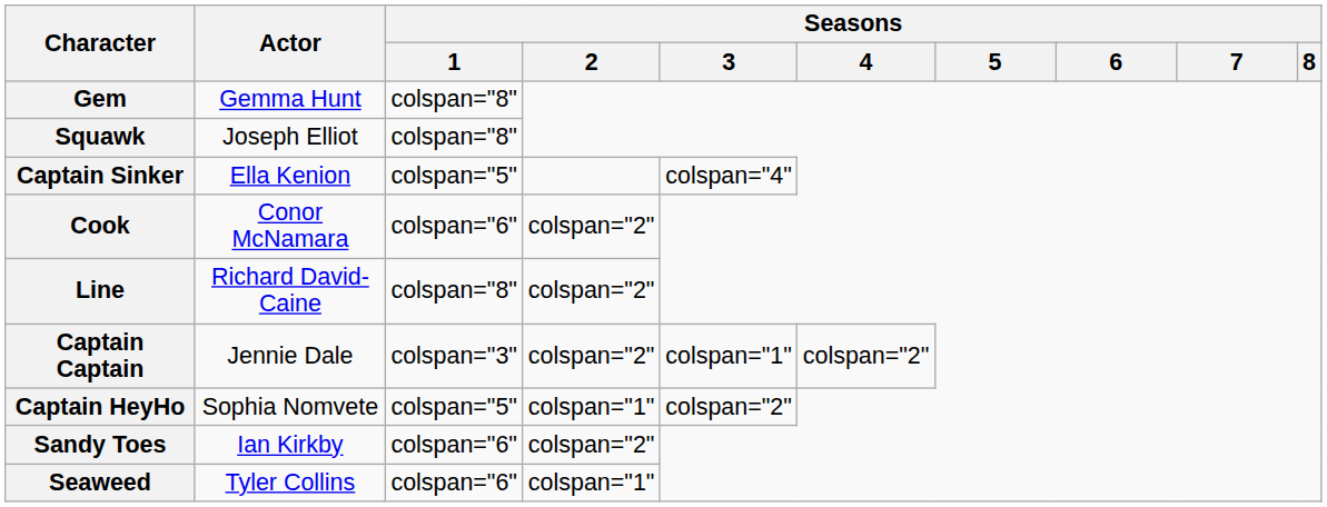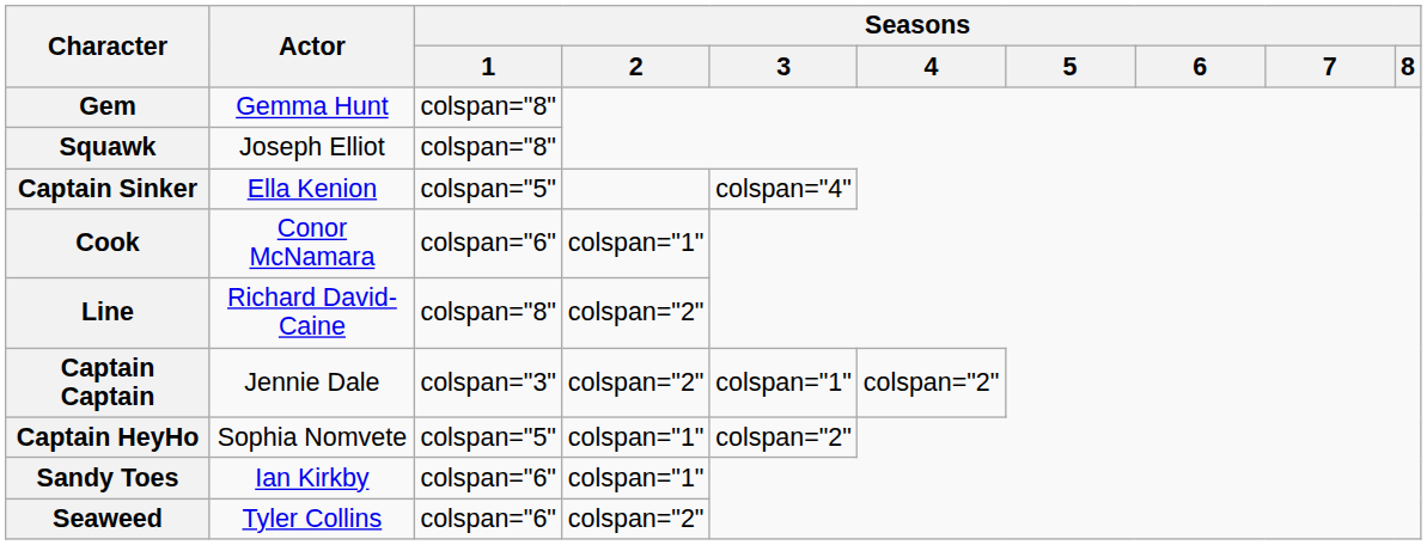 <table class="wikitable plainrowheaders" style="width: 100%; text-align: center">
 <tr>
 <th scope="col" rowspan="2" style="width: 15%">Character</th>
 <th scope="col" rowspan="2" style="width: 15%">Actor</th>
 <th scope="col" colspan="8" style="width: 70%">Seasons</th>
 </tr>
 <tr>
 <th scope="col" style="width: 10%">1</th>
 <th scope="col" style="width: 10%">2</th>
 <th scope="col" style="width: 10%">3</th>
 <th scope="col" style="width: 10%">4</th>
 <th scope="col" style="width: 10%">5</th>
 <th scope="col" style="width: 10%">6</th>
 <th scope="col" style="width: 10%">7</th>
 <th scope="col" style="width: 10%">8</th>
 </tr>
 <tr>
 <th scope="row" style="text-align: center">Gem</th>
 <td><a href='#'>Gemma Hunt</a></td>
 <td>colspan="8" </td>
 </tr>
 <tr>
 <th scope="row" style="text-align: center">Squawk</th>
 <td>Joseph Elliot</td>
 <td>colspan="8" </td>
 </tr>
 <tr>
 <th scope="row" style="text-align: center">Captain Sinker</th>
 <td><a href='#'>Ella Kenion</a></td>
 <td>colspan="5" </td>
 <td></td>
 <td>colspan="4" </td>
 </tr>
 <tr>
 <th scope="row" style="text-align: center">Cook</th>
 <td><a href='#'>Conor McNamara</a></td>
 <td>colspan="6" </td>
-<td>colspan="2" </td>
+<td>colspan="1" </td>
 </tr>
 <tr>
 <th scope="row" style="text-align: center">Line</th>
 <td><a href='#'>Richard David-Caine</a></td>
 <td>colspan="8" </td>
 <td>colspan="2" </td>
 </tr>
 <tr>
 <th scope="row" style="text-align: center">Captain Captain</th>
 <td>Jennie Dale</td>
 <td>colspan="3" </td>
 <td>colspan="2" </td>
 <td>colspan="1" </td>
 <td>colspan="2" </td>
 </tr>
 <tr>
 <th scope="row" style="text-align: center">Captain HeyHo</th>
 <td>Sophia Nomvete</td>
 <td>colspan="5" </td>
 <td>colspan="1" </td>
 <td>colspan="2" </td>
 </tr>
 <tr>
 <th scope="row" style="text-align: center">Sandy Toes</th>
 <td><a href='#'>Ian Kirkby</a></td>
 <td>colspan="6" </td>
-<td>colspan="2" </td>
+<td>colspan="1" </td>
 </tr>
 <tr>
 <th scope="row" style="text-align: center">Seaweed</th>
 <td><a href='#'>Tyler Collins</a></td>
 <td>colspan="6" </td>
-<td>colspan="1" </td>
+<td>colspan="2" </td>
 </tr>
 </table>
